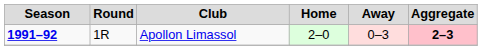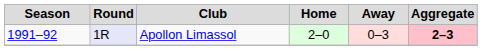 <table class="wikitable" style="text-align: center;">
 <tr>
 <th width="100" style="background:#DCDCDC"style="background:#23308A;color:white;border:1px solid white"!style="background:#DCDCDC">Season</th>
 <th width="50" style="background:#DCDCDC"style="background:#23308A;color:white;border:1px solid white"!style="background:#DCDCDC">Round</th>
 <th width="183" style="background:#DCDCDC"style="background:#23308A;color:white;border:1px solid white"!style="background:#DCDCDC">Club</th>
 <th width="67" style="background:#DCDCDC"style="background:#23308A;color:white;border:1px solid white"!style="background:#DCDCDC">Home</th>
 <th width="67" style="background:#DCDCDC"style="background:#23308A;color:white;border:1px solid white"!style="background:#DCDCDC">Away</th>
 <th width="67" style="background:#DCDCDC"style="background:#23308A;color:white;border:1px solid white"!style="background:#DCDCDC">Aggregate</th>
 </tr>
 <tr>
-<td align=left><strong><a href='#'>1991–92</a></strong></td>
-<td align=left>1R</td>
+<td align=left><a href='#'>1991–92</a></td>
+<td align=left style="background: lavender;">1R</td>
 <td align=left> <a href='#'>Apollon Limassol</a></td>
 <td bgcolor="#ddffdd" style="text-align:center;">2–0</td>
 <td bgcolor="#ffdddd" style="text-align:center;">0–3</td>
 <td bgcolor=pink style="text-align:center;"><strong>2–3</strong></td>
 </tr>
 <tr>
 </tr>
 </table>
